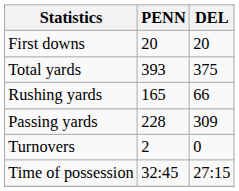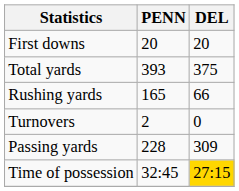 <table class="wikitable" style="float: left;">
 <tr>
 <th>Statistics</th>
 <th>PENN</th>
 <th>DEL</th>
 </tr>
 <tr>
 <td>First downs</td>
 <td>20</td>
 <td>20</td>
 </tr>
 <tr>
 <td>Total yards</td>
 <td>393</td>
 <td>375</td>
 </tr>
 <tr>
 <td>Rushing yards</td>
 <td>165</td>
 <td>66</td>
 </tr>
 <tr>
+<td>Turnovers</td>
+<td>2</td>
+<td>0</td>
+</tr>
+<tr>
 <td>Passing yards</td>
 <td>228</td>
 <td>309</td>
 </tr>
 <tr>
-<td>Turnovers</td>
-<td>2</td>
-<td>0</td>
-</tr>
-<tr>
 <td>Time of possession</td>
 <td>32:45</td>
-<td>27:15</td>
+<td style="background: gold;">27:15</td>
 </tr>
 <tr>
 </tr>
 </table>
